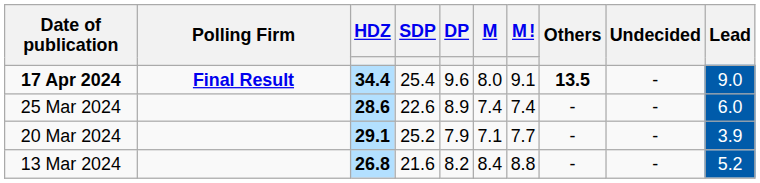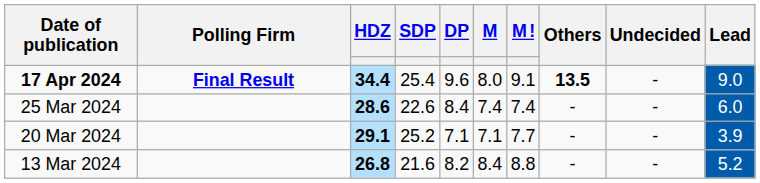 <table class="wikitable sortable" style="text-align:center; font-size:90%; line-height:16px;">
 <tr style="height:42px;">
 <th style="width:100px;" rowspan="2">Date of publication</th>
 <th style="width:165px;" rowspan="2">Polling Firm</th>
 <th><a href='#'>HDZ</a></th>
 <th><a href='#'>SDP</a></th>
 <th><a href='#'>DP</a></th>
 <th><a href='#'>M</a></th>
 <th style="letter-spacing:-1px;"><a href='#'>M !</a></th>
 <th class="unsortable" style="width:40px;" rowspan="2">Others</th>
 <th class="unsortable" style="width:40px;" rowspan="2">Undecided</th>
 <th class="unsortable" style="width:20px;" rowspan="2">Lead</th>
 </tr>
 <tr>
 <th style="color:inherit;background:"></th>
 <th data-sort-type="number" style="color:inherit;background:"></th>
 <th style="color:inherit;background:"></th>
 <th style="color:inherit;background:"></th>
 <th style="color:inherit;background:"></th>
 </tr>
 <tr>
 <td><strong>17 Apr 2024</strong></td>
 <td><strong><a href='#'>Final Result</a></strong></td>
 <td style="background:#B3E0FF"><strong>34.4</strong></td>
 <td>25.4</td>
 <td>9.6</td>
 <td>8.0</td>
 <td>9.1</td>
 <td><strong>13.5</strong></td>
 <td>-</td>
 <td style="background:#005BAA; color: white">9.0</td>
 </tr>
 <tr>
 <td>25 Mar 2024</td>
 <td></td>
 <td style="background:#B3E0FF"><strong>28.6</strong></td>
 <td>22.6</td>
-<td>8.9</td>
+<td>8.4</td>
 <td>7.4</td>
 <td>7.4</td>
 <td>-</td>
 <td>-</td>
 <td style="background:#005BAA; color: white">6.0</td>
 </tr>
 <tr>
 <td>20 Mar 2024</td>
 <td></td>
 <td style="background:#B3E0FF"><strong>29.1</strong></td>
 <td>25.2</td>
-<td>7.9</td>
+<td>7.1</td>
 <td>7.1</td>
 <td>7.7</td>
 <td>-</td>
 <td>-</td>
 <td style="background:#005BAA; color: white">3.9</td>
 </tr>
 <tr>
 <td>13 Mar 2024</td>
 <td></td>
 <td style="background:#B3E0FF"><strong>26.8</strong></td>
 <td>21.6</td>
 <td>8.2</td>
 <td>8.4</td>
 <td>8.8</td>
 <td>-</td>
 <td>-</td>
 <td style="background:#005BAA; color: white">5.2</td>
 </tr>
 </table>
